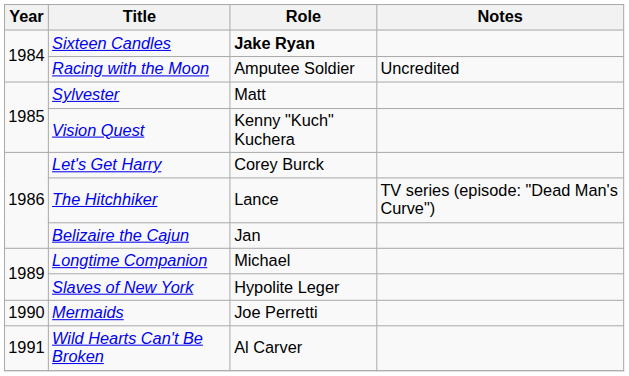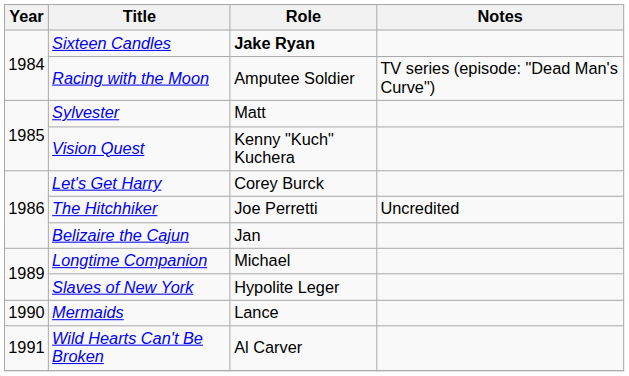 <table class="wikitable sortable">
 <tr>
 <th>Year</th>
 <th>Title</th>
 <th>Role</th>
 <th class=unsortable>Notes</th>
 </tr>
 <tr>
 <td rowspan="2">1984</td>
 <td><em><a href='#'>Sixteen Candles</a></em></td>
 <td><strong>Jake Ryan</strong></td>
 <td></td>
 </tr>
 <tr>
 <td><em><a href='#'>Racing with the Moon</a></em></td>
 <td>Amputee Soldier</td>
-<td>Uncredited</td>
+<td>TV series (episode:  "Dead Man's Curve")</td>
 </tr>
 <tr>
 <td rowspan="2">1985</td>
 <td><em><a href='#'>Sylvester</a></em></td>
 <td>Matt</td>
 <td></td>
 </tr>
 <tr>
 <td><em><a href='#'>Vision Quest</a></em></td>
 <td>Kenny "Kuch" Kuchera</td>
 <td></td>
 </tr>
 <tr>
 <td rowspan="3">1986</td>
 <td><em><a href='#'>Let's Get Harry</a></em></td>
 <td>Corey Burck</td>
 <td></td>
 </tr>
 <tr>
 <td><em><a href='#'>The Hitchhiker</a></em></td>
-<td>Lance</td>
-<td>TV series (episode:  "Dead Man's Curve")</td>
+<td>Joe Perretti</td>
+<td>Uncredited</td>
 </tr>
 <tr>
 <td><em><a href='#'>Belizaire the Cajun</a></em></td>
 <td>Jan</td>
 <td></td>
 </tr>
 <tr>
 <td rowspan="2">1989</td>
 <td><em><a href='#'>Longtime Companion</a></em></td>
 <td>Michael</td>
 <td></td>
 </tr>
 <tr>
 <td><em><a href='#'>Slaves of New York</a></em></td>
 <td>Hypolite Leger</td>
 <td></td>
 </tr>
 <tr>
 <td>1990</td>
 <td><em><a href='#'>Mermaids</a></em></td>
-<td>Joe Perretti</td>
+<td>Lance</td>
 <td></td>
 </tr>
 <tr>
 <td>1991</td>
 <td><em><a href='#'>Wild Hearts Can't Be Broken</a></em></td>
 <td>Al Carver</td>
 <td></td>
 </tr>
 <tr>
 </tr>
 </table>
